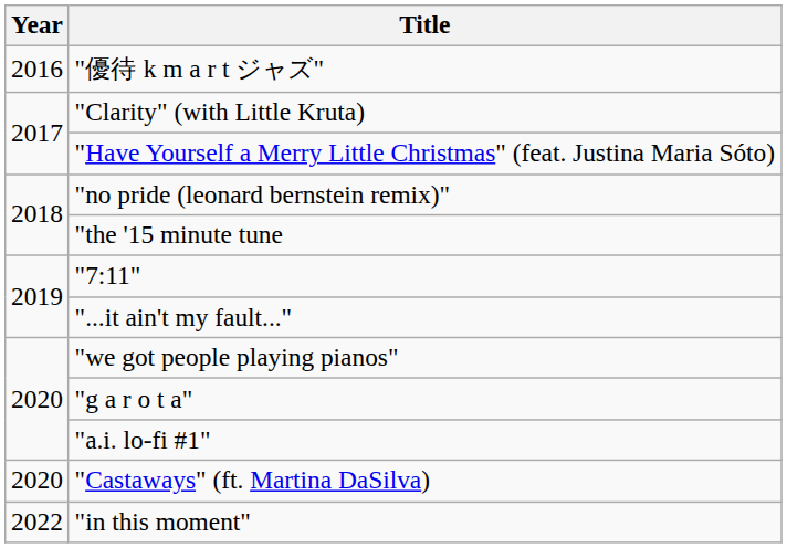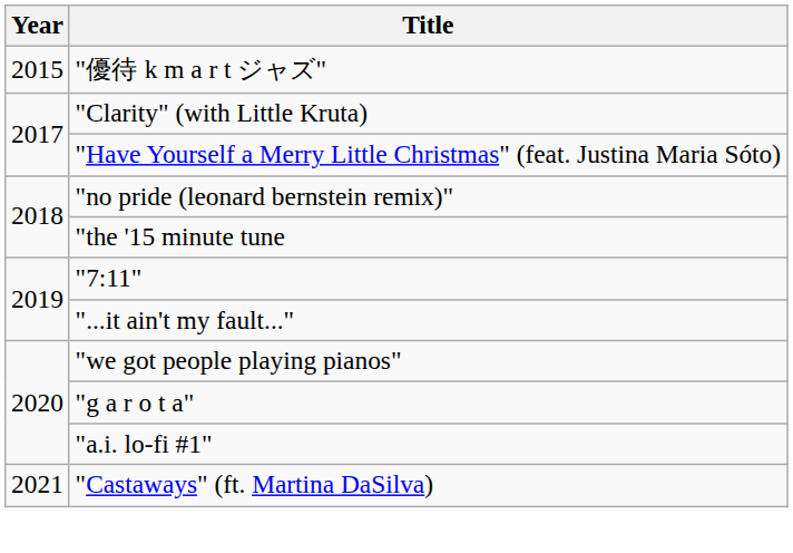 <table class="wikitable">
 <tr>
 <th>Year</th>
 <th>Title</th>
 </tr>
 <tr>
-<td>2016</td>
+<td>2015</td>
 <td>"優待 k m a r t  ジ​ャ​ズ"</td>
 </tr>
 <tr>
 <td rowspan=2>2017</td>
 <td>"Clarity" (with Little Kruta)</td>
 </tr>
 <tr>
 <td>"<a href='#'>Have Yourself a Merry Little Christmas</a>" (feat. Justina Maria Sóto)</td>
 </tr>
 <tr>
 <td rowspan=2>2018</td>
 <td>"no pride (leonard bernstein remix)"</td>
 </tr>
 <tr>
 <td>"the '15 minute tune</td>
 </tr>
 <tr>
 <td rowspan=2>2019</td>
 <td>"7:11"</td>
 </tr>
 <tr>
 <td>"...it ain't my fault..."</td>
 </tr>
 <tr>
 <td rowspan=3>2020</td>
 <td>"we got people playing pianos"</td>
 </tr>
 <tr>
 <td>"g a r o t a"</td>
 </tr>
 <tr>
 <td>"a.i. lo-fi #1"</td>
 </tr>
 <tr>
-<td>2020</td>
+<td>2021</td>
 <td>"<a href='#'>Castaways</a>" (ft. <a href='#'>Martina DaSilva</a>)</td>
 </tr>
-<tr>
-<td>2022</td>
-<td>"in this moment"</td>
-</tr>
 </table>
